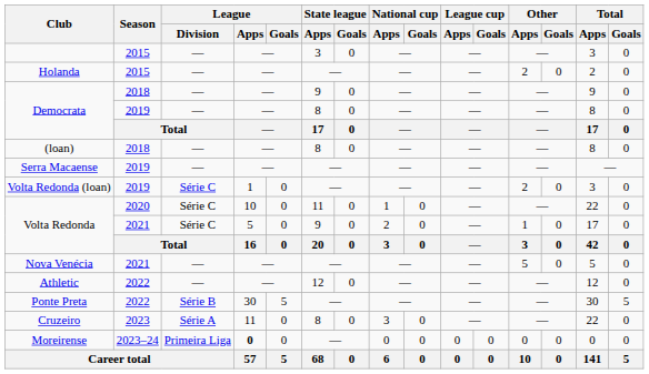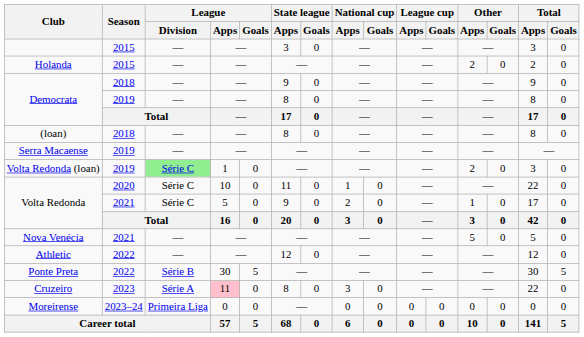 <table class="wikitable" style="text-align: center;">
 <tr>
 <th rowspan="2">Club</th>
 <th rowspan="2">Season</th>
 <th colspan="3">League</th>
 <th colspan="2">State league</th>
 <th colspan="2">National cup</th>
 <th colspan="2">League cup</th>
 <th colspan="2">Other</th>
 <th colspan="2">Total</th>
 </tr>
 <tr>
 <th>Division</th>
 <th>Apps</th>
 <th>Goals</th>
 <th>Apps</th>
 <th>Goals</th>
 <th>Apps</th>
 <th>Goals</th>
 <th>Apps</th>
 <th>Goals</th>
 <th>Apps</th>
 <th>Goals</th>
 <th>Apps</th>
 <th>Goals</th>
 </tr>
 <tr>
 <td valign="center"></td>
 <td><a href='#'>2015</a></td>
 <td>—</td>
 <td colspan="2">—</td>
 <td>3</td>
 <td>0</td>
 <td colspan="2">—</td>
 <td colspan="2">—</td>
 <td colspan="2">—</td>
 <td>3</td>
 <td>0</td>
 </tr>
 <tr>
 <td valign="center"><a href='#'>Holanda</a></td>
 <td><a href='#'>2015</a></td>
 <td>—</td>
 <td colspan="2">—</td>
 <td colspan="2">—</td>
 <td colspan="2">—</td>
 <td colspan="2">—</td>
 <td>2</td>
 <td>0</td>
 <td>2</td>
 <td>0</td>
 </tr>
 <tr>
 <td rowspan="3" valign="center"><a href='#'>Democrata</a></td>
 <td><a href='#'>2018</a></td>
 <td>—</td>
 <td colspan="2">—</td>
 <td>9</td>
 <td>0</td>
 <td colspan="2">—</td>
 <td colspan="2">—</td>
 <td colspan="2">—</td>
 <td>9</td>
 <td>0</td>
 </tr>
 <tr>
 <td><a href='#'>2019</a></td>
 <td>—</td>
 <td colspan="2">—</td>
 <td>8</td>
 <td>0</td>
 <td colspan="2">—</td>
 <td colspan="2">—</td>
 <td colspan="2">—</td>
 <td>8</td>
 <td>0</td>
 </tr>
 <tr>
 <th colspan="2">Total</th>
 <th colspan="2">—</th>
 <th>17</th>
 <th>0</th>
 <th colspan="2">—</th>
 <th colspan="2">—</th>
 <th colspan="2">—</th>
 <th>17</th>
 <th>0</th>
 </tr>
 <tr>
 <td valign="center"> (loan)</td>
 <td><a href='#'>2018</a></td>
 <td>—</td>
 <td colspan="2">—</td>
 <td>8</td>
 <td>0</td>
 <td colspan="2">—</td>
 <td colspan="2">—</td>
 <td colspan="2">—</td>
 <td>8</td>
 <td>0</td>
 </tr>
 <tr>
 <td><a href='#'>Serra Macaense</a></td>
 <td><a href='#'>2019</a></td>
 <td>—</td>
 <td colspan="2">—</td>
 <td colspan="2">—</td>
 <td colspan="2">—</td>
 <td colspan="2">—</td>
 <td colspan="2">—</td>
 <td colspan="2">—</td>
 </tr>
 <tr>
 <td valign="center"><a href='#'>Volta Redonda</a> (loan)</td>
 <td><a href='#'>2019</a></td>
-<td><a href='#'>Série C</a></td>
+<td style="background: lightgreen;"><a href='#'>Série C</a></td>
 <td>1</td>
 <td>0</td>
 <td colspan="2">—</td>
 <td colspan="2">—</td>
 <td colspan="2">—</td>
 <td>2</td>
 <td>0</td>
 <td>3</td>
 <td>0</td>
 </tr>
 <tr>
 <td rowspan="3">Volta Redonda</td>
 <td><a href='#'>2020</a></td>
 <td>Série C</td>
 <td>10</td>
 <td>0</td>
 <td>11</td>
 <td>0</td>
 <td>1</td>
 <td>0</td>
 <td colspan="2">—</td>
 <td colspan="2">—</td>
 <td>22</td>
 <td>0</td>
 </tr>
 <tr>
 <td><a href='#'>2021</a></td>
 <td>Série C</td>
 <td>5</td>
 <td>0</td>
 <td>9</td>
 <td>0</td>
 <td>2</td>
 <td>0</td>
 <td colspan="2">—</td>
 <td>1</td>
 <td>0</td>
 <td>17</td>
 <td>0</td>
 </tr>
 <tr>
 <th colspan="2">Total</th>
 <th>16</th>
 <th>0</th>
 <th>20</th>
 <th>0</th>
 <th>3</th>
 <th>0</th>
 <th colspan="2">—</th>
 <th>3</th>
 <th>0</th>
 <th>42</th>
 <th>0</th>
 </tr>
 <tr>
 <td valign="center"><a href='#'>Nova Venécia</a></td>
 <td><a href='#'>2021</a></td>
 <td>—</td>
 <td colspan="2">—</td>
 <td colspan="2">—</td>
 <td colspan="2">—</td>
 <td colspan="2">—</td>
 <td>5</td>
 <td>0</td>
 <td>5</td>
 <td>0</td>
 </tr>
 <tr>
 <td valign="center"><a href='#'>Athletic</a></td>
 <td><a href='#'>2022</a></td>
 <td>—</td>
 <td colspan="2">—</td>
 <td>12</td>
 <td>0</td>
 <td colspan="2">—</td>
 <td colspan="2">—</td>
 <td colspan="2">—</td>
 <td>12</td>
 <td>0</td>
 </tr>
 <tr>
 <td valign="center"><a href='#'>Ponte Preta</a></td>
 <td><a href='#'>2022</a></td>
 <td><a href='#'>Série B</a></td>
 <td>30</td>
 <td>5</td>
 <td colspan="2">—</td>
 <td colspan="2">—</td>
 <td colspan="2">—</td>
 <td colspan="2">—</td>
 <td>30</td>
 <td>5</td>
 </tr>
 <tr>
 <td valign="center"><a href='#'>Cruzeiro</a></td>
 <td><a href='#'>2023</a></td>
 <td><a href='#'>Série A</a></td>
-<td>11</td>
+<td style="background: pink;">11</td>
 <td>0</td>
 <td>8</td>
 <td>0</td>
 <td>3</td>
 <td>0</td>
 <td colspan="2">—</td>
 <td colspan="2">—</td>
 <td>22</td>
 <td>0</td>
 </tr>
 <tr>
 <td><a href='#'>Moreirense</a></td>
 <td><a href='#'>2023–24</a></td>
 <td><a href='#'>Primeira Liga</a></td>
-<td><strong>0</strong></td>
+<td>0</td>
 <td>0</td>
 <td colspan="2">—</td>
 <td>0</td>
 <td>0</td>
 <td>0</td>
 <td>0</td>
 <td>0</td>
 <td>0</td>
 <td>0</td>
 <td>0</td>
 </tr>
 <tr>
 <th colspan="3"><strong>Career total</strong></th>
 <th>57</th>
 <th>5</th>
 <th>68</th>
 <th>0</th>
 <th>6</th>
 <th>0</th>
 <th>0</th>
 <th>0</th>
 <th>10</th>
 <th>0</th>
 <th>141</th>
 <th>5</th>
 </tr>
 </table>
